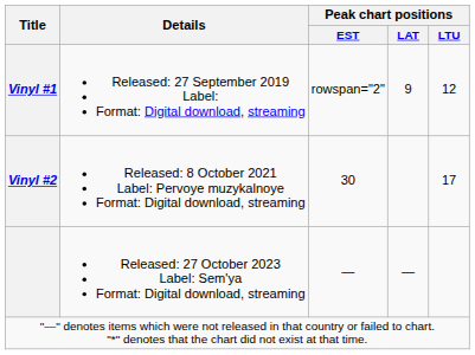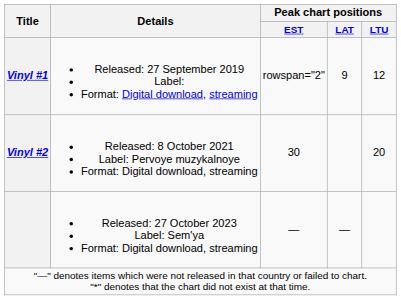 <table class="wikitable plainrowheaders" style="text-align:center;" border="1">
 <tr>
 <th rowspan="2" scope="col">Title</th>
 <th rowspan="2" scope="col">Details</th>
 <th colspan="3">Peak chart positions</th>
 </tr>
 <tr>
 <th scope="col" style="width:3em;font-size:90%;"><a href='#'>EST</a><br></th>
 <th scope="col" style="width:3em;font-size:90%;"><a href='#'>LAT</a><br></th>
 <th scope="col" style="width:3em;font-size:90%;"><a href='#'>LTU</a><br></th>
 </tr>
 <tr>
 <th scope="row"><em><a href='#'>Vinyl #1</a></em></th>
 <td><br><ul><li>Released: 27 September 2019</li><li>Label: </li><li>Format: <a href='#'>Digital download</a>, <a href='#'>streaming</a></li></ul></td>
 <td>rowspan="2" </td>
 <td>9</td>
 <td>12</td>
 </tr>
 <tr>
 <th scope="row"><em><a href='#'>Vinyl #2</a></em></th>
 <td><br><ul><li>Released: 8 October 2021</li><li>Label: Pervoye muzykalnoye</li><li>Format: Digital download, streaming</li></ul></td>
 <td>30</td>
 <td></td>
-<td>17</td>
+<td>20</td>
 </tr>
 <tr>
 <th scope="row"></th>
 <td><br><ul><li>Released: 27 October 2023</li><li>Label: Sem'ya</li><li>Format: Digital download, streaming</li></ul></td>
 <td>—</td>
 <td>—</td>
 </tr>
 <tr>
 <td colspan="5" style="font-size:90%;">"—" denotes items which were not released in that country or failed to chart.<br>"*" denotes that the chart did not exist at that time.</td>
 </tr>
 </table>
